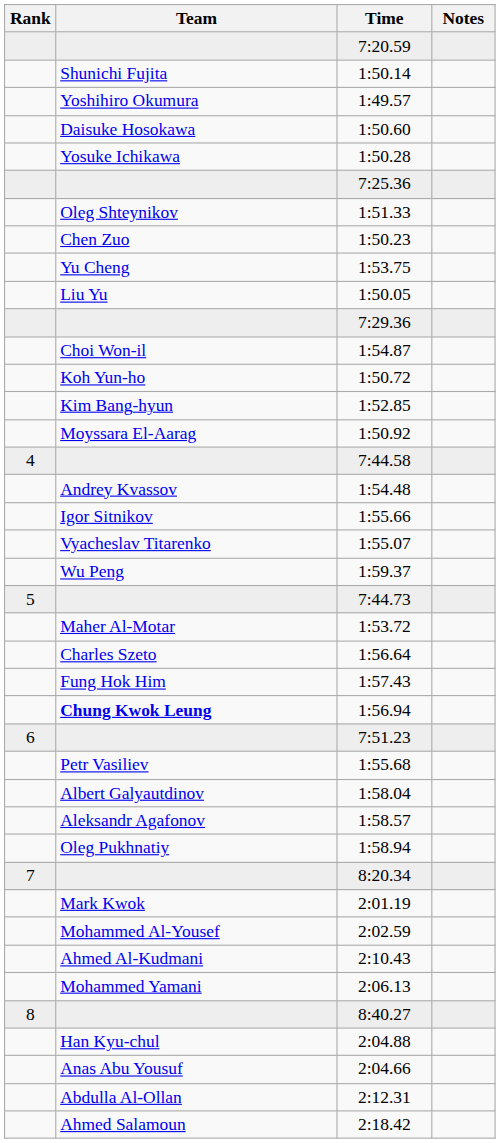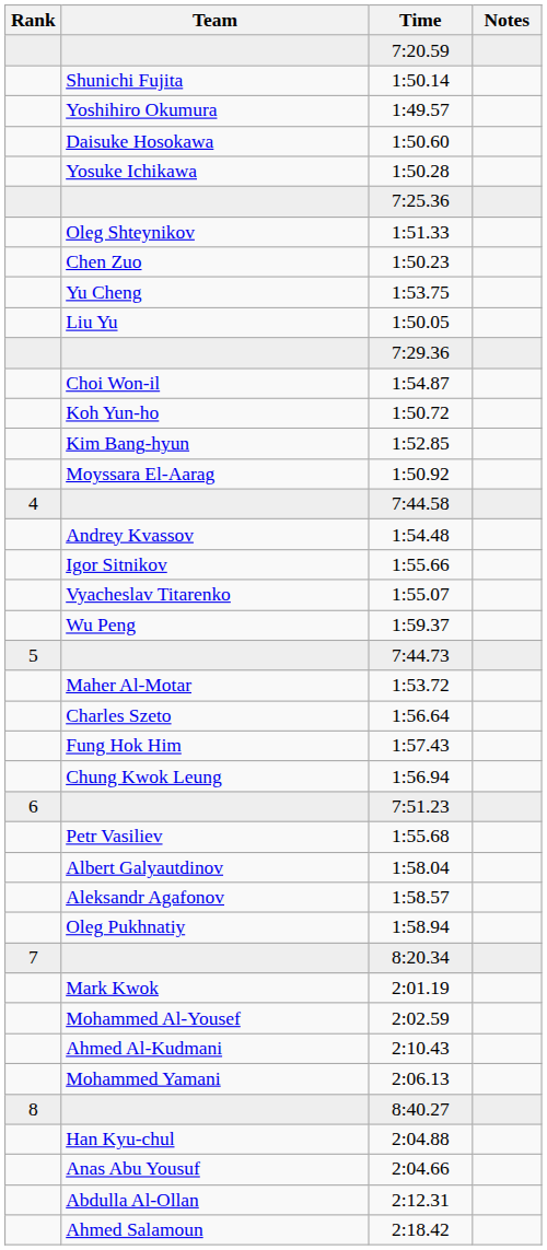 <table class="wikitable" style="text-align:center">
 <tr>
 <th width=40>Rank</th>
 <th width=250>Team</th>
 <th width=80>Time</th>
 <th width=50>Notes</th>
 </tr>
 <tr bgcolor=eeeeee>
 <td></td>
 <td align=left></td>
 <td>7:20.59</td>
 <td></td>
 </tr>
 <tr>
 <td></td>
 <td align=left><a href='#'>Shunichi Fujita</a></td>
 <td>1:50.14</td>
 <td></td>
 </tr>
 <tr>
 <td></td>
 <td align=left><a href='#'>Yoshihiro Okumura</a></td>
 <td>1:49.57</td>
 <td></td>
 </tr>
 <tr>
 <td></td>
 <td align=left><a href='#'>Daisuke Hosokawa</a></td>
 <td>1:50.60</td>
 <td></td>
 </tr>
 <tr>
 <td></td>
 <td align=left><a href='#'>Yosuke Ichikawa</a></td>
 <td>1:50.28</td>
 <td></td>
 </tr>
 <tr bgcolor=eeeeee>
 <td></td>
 <td align=left></td>
 <td>7:25.36</td>
 <td></td>
 </tr>
 <tr>
 <td></td>
 <td align=left><a href='#'>Oleg Shteynikov</a></td>
 <td>1:51.33</td>
 <td></td>
 </tr>
 <tr>
 <td></td>
 <td align=left><a href='#'>Chen Zuo</a></td>
 <td>1:50.23</td>
 <td></td>
 </tr>
 <tr>
 <td></td>
 <td align=left><a href='#'>Yu Cheng</a></td>
 <td>1:53.75</td>
 <td></td>
 </tr>
 <tr>
 <td></td>
 <td align=left><a href='#'>Liu Yu</a></td>
 <td>1:50.05</td>
 <td></td>
 </tr>
 <tr bgcolor=eeeeee>
 <td></td>
 <td align=left></td>
 <td>7:29.36</td>
 <td></td>
 </tr>
 <tr>
 <td></td>
 <td align=left><a href='#'>Choi Won-il</a></td>
 <td>1:54.87</td>
 <td></td>
 </tr>
 <tr>
 <td></td>
 <td align=left><a href='#'>Koh Yun-ho</a></td>
 <td>1:50.72</td>
 <td></td>
 </tr>
 <tr>
 <td></td>
 <td align=left><a href='#'>Kim Bang-hyun</a></td>
 <td>1:52.85</td>
 <td></td>
 </tr>
 <tr>
 <td></td>
 <td align=left><a href='#'>Moyssara El-Aarag</a></td>
 <td>1:50.92</td>
 <td></td>
 </tr>
 <tr bgcolor=eeeeee>
 <td>4</td>
 <td align=left></td>
 <td>7:44.58</td>
 <td></td>
 </tr>
 <tr>
 <td></td>
 <td align=left><a href='#'>Andrey Kvassov</a></td>
 <td>1:54.48</td>
 <td></td>
 </tr>
 <tr>
 <td></td>
 <td align=left><a href='#'>Igor Sitnikov</a></td>
 <td>1:55.66</td>
 <td></td>
 </tr>
 <tr>
 <td></td>
 <td align=left><a href='#'>Vyacheslav Titarenko</a></td>
 <td>1:55.07</td>
 <td></td>
 </tr>
 <tr>
 <td></td>
 <td align=left><a href='#'>Wu Peng</a></td>
 <td>1:59.37</td>
 <td></td>
 </tr>
 <tr bgcolor=eeeeee>
 <td>5</td>
 <td align=left></td>
 <td>7:44.73</td>
 <td></td>
 </tr>
 <tr>
 <td></td>
 <td align=left><a href='#'>Maher Al-Motar</a></td>
 <td>1:53.72</td>
 <td></td>
 </tr>
 <tr>
 <td></td>
 <td align=left><a href='#'>Charles Szeto</a></td>
 <td>1:56.64</td>
 <td></td>
 </tr>
 <tr>
 <td></td>
 <td align=left><a href='#'>Fung Hok Him</a></td>
 <td>1:57.43</td>
 <td></td>
 </tr>
 <tr>
 <td></td>
-<td align=left><strong><a href='#'>Chung Kwok Leung</a></strong></td>
+<td align=left><a href='#'>Chung Kwok Leung</a></td>
 <td>1:56.94</td>
 <td></td>
 </tr>
 <tr bgcolor=eeeeee>
 <td>6</td>
 <td align=left></td>
 <td>7:51.23</td>
 <td></td>
 </tr>
 <tr>
 <td></td>
 <td align=left><a href='#'>Petr Vasiliev</a></td>
 <td>1:55.68</td>
 <td></td>
 </tr>
 <tr>
 <td></td>
 <td align=left><a href='#'>Albert Galyautdinov</a></td>
 <td>1:58.04</td>
 <td></td>
 </tr>
 <tr>
 <td></td>
 <td align=left><a href='#'>Aleksandr Agafonov</a></td>
 <td>1:58.57</td>
 <td></td>
 </tr>
 <tr>
 <td></td>
 <td align=left><a href='#'>Oleg Pukhnatiy</a></td>
 <td>1:58.94</td>
 <td></td>
 </tr>
 <tr bgcolor=eeeeee>
 <td>7</td>
 <td align=left></td>
 <td>8:20.34</td>
 <td></td>
 </tr>
 <tr>
 <td></td>
 <td align=left><a href='#'>Mark Kwok</a></td>
 <td>2:01.19</td>
 <td></td>
 </tr>
 <tr>
 <td></td>
 <td align=left><a href='#'>Mohammed Al-Yousef</a></td>
 <td>2:02.59</td>
 <td></td>
 </tr>
 <tr>
 <td></td>
 <td align=left><a href='#'>Ahmed Al-Kudmani</a></td>
 <td>2:10.43</td>
 <td></td>
 </tr>
 <tr>
 <td></td>
 <td align=left><a href='#'>Mohammed Yamani</a></td>
 <td>2:06.13</td>
 <td></td>
 </tr>
 <tr bgcolor=eeeeee>
 <td>8</td>
 <td align=left></td>
 <td>8:40.27</td>
 <td></td>
 </tr>
 <tr>
 <td></td>
 <td align=left><a href='#'>Han Kyu-chul</a></td>
 <td>2:04.88</td>
 <td></td>
 </tr>
 <tr>
 <td></td>
 <td align=left><a href='#'>Anas Abu Yousuf</a></td>
 <td>2:04.66</td>
 <td></td>
 </tr>
 <tr>
 <td></td>
 <td align=left><a href='#'>Abdulla Al-Ollan</a></td>
 <td>2:12.31</td>
 <td></td>
 </tr>
 <tr>
 <td></td>
 <td align=left><a href='#'>Ahmed Salamoun</a></td>
 <td>2:18.42</td>
 <td></td>
 </tr>
 </table>
